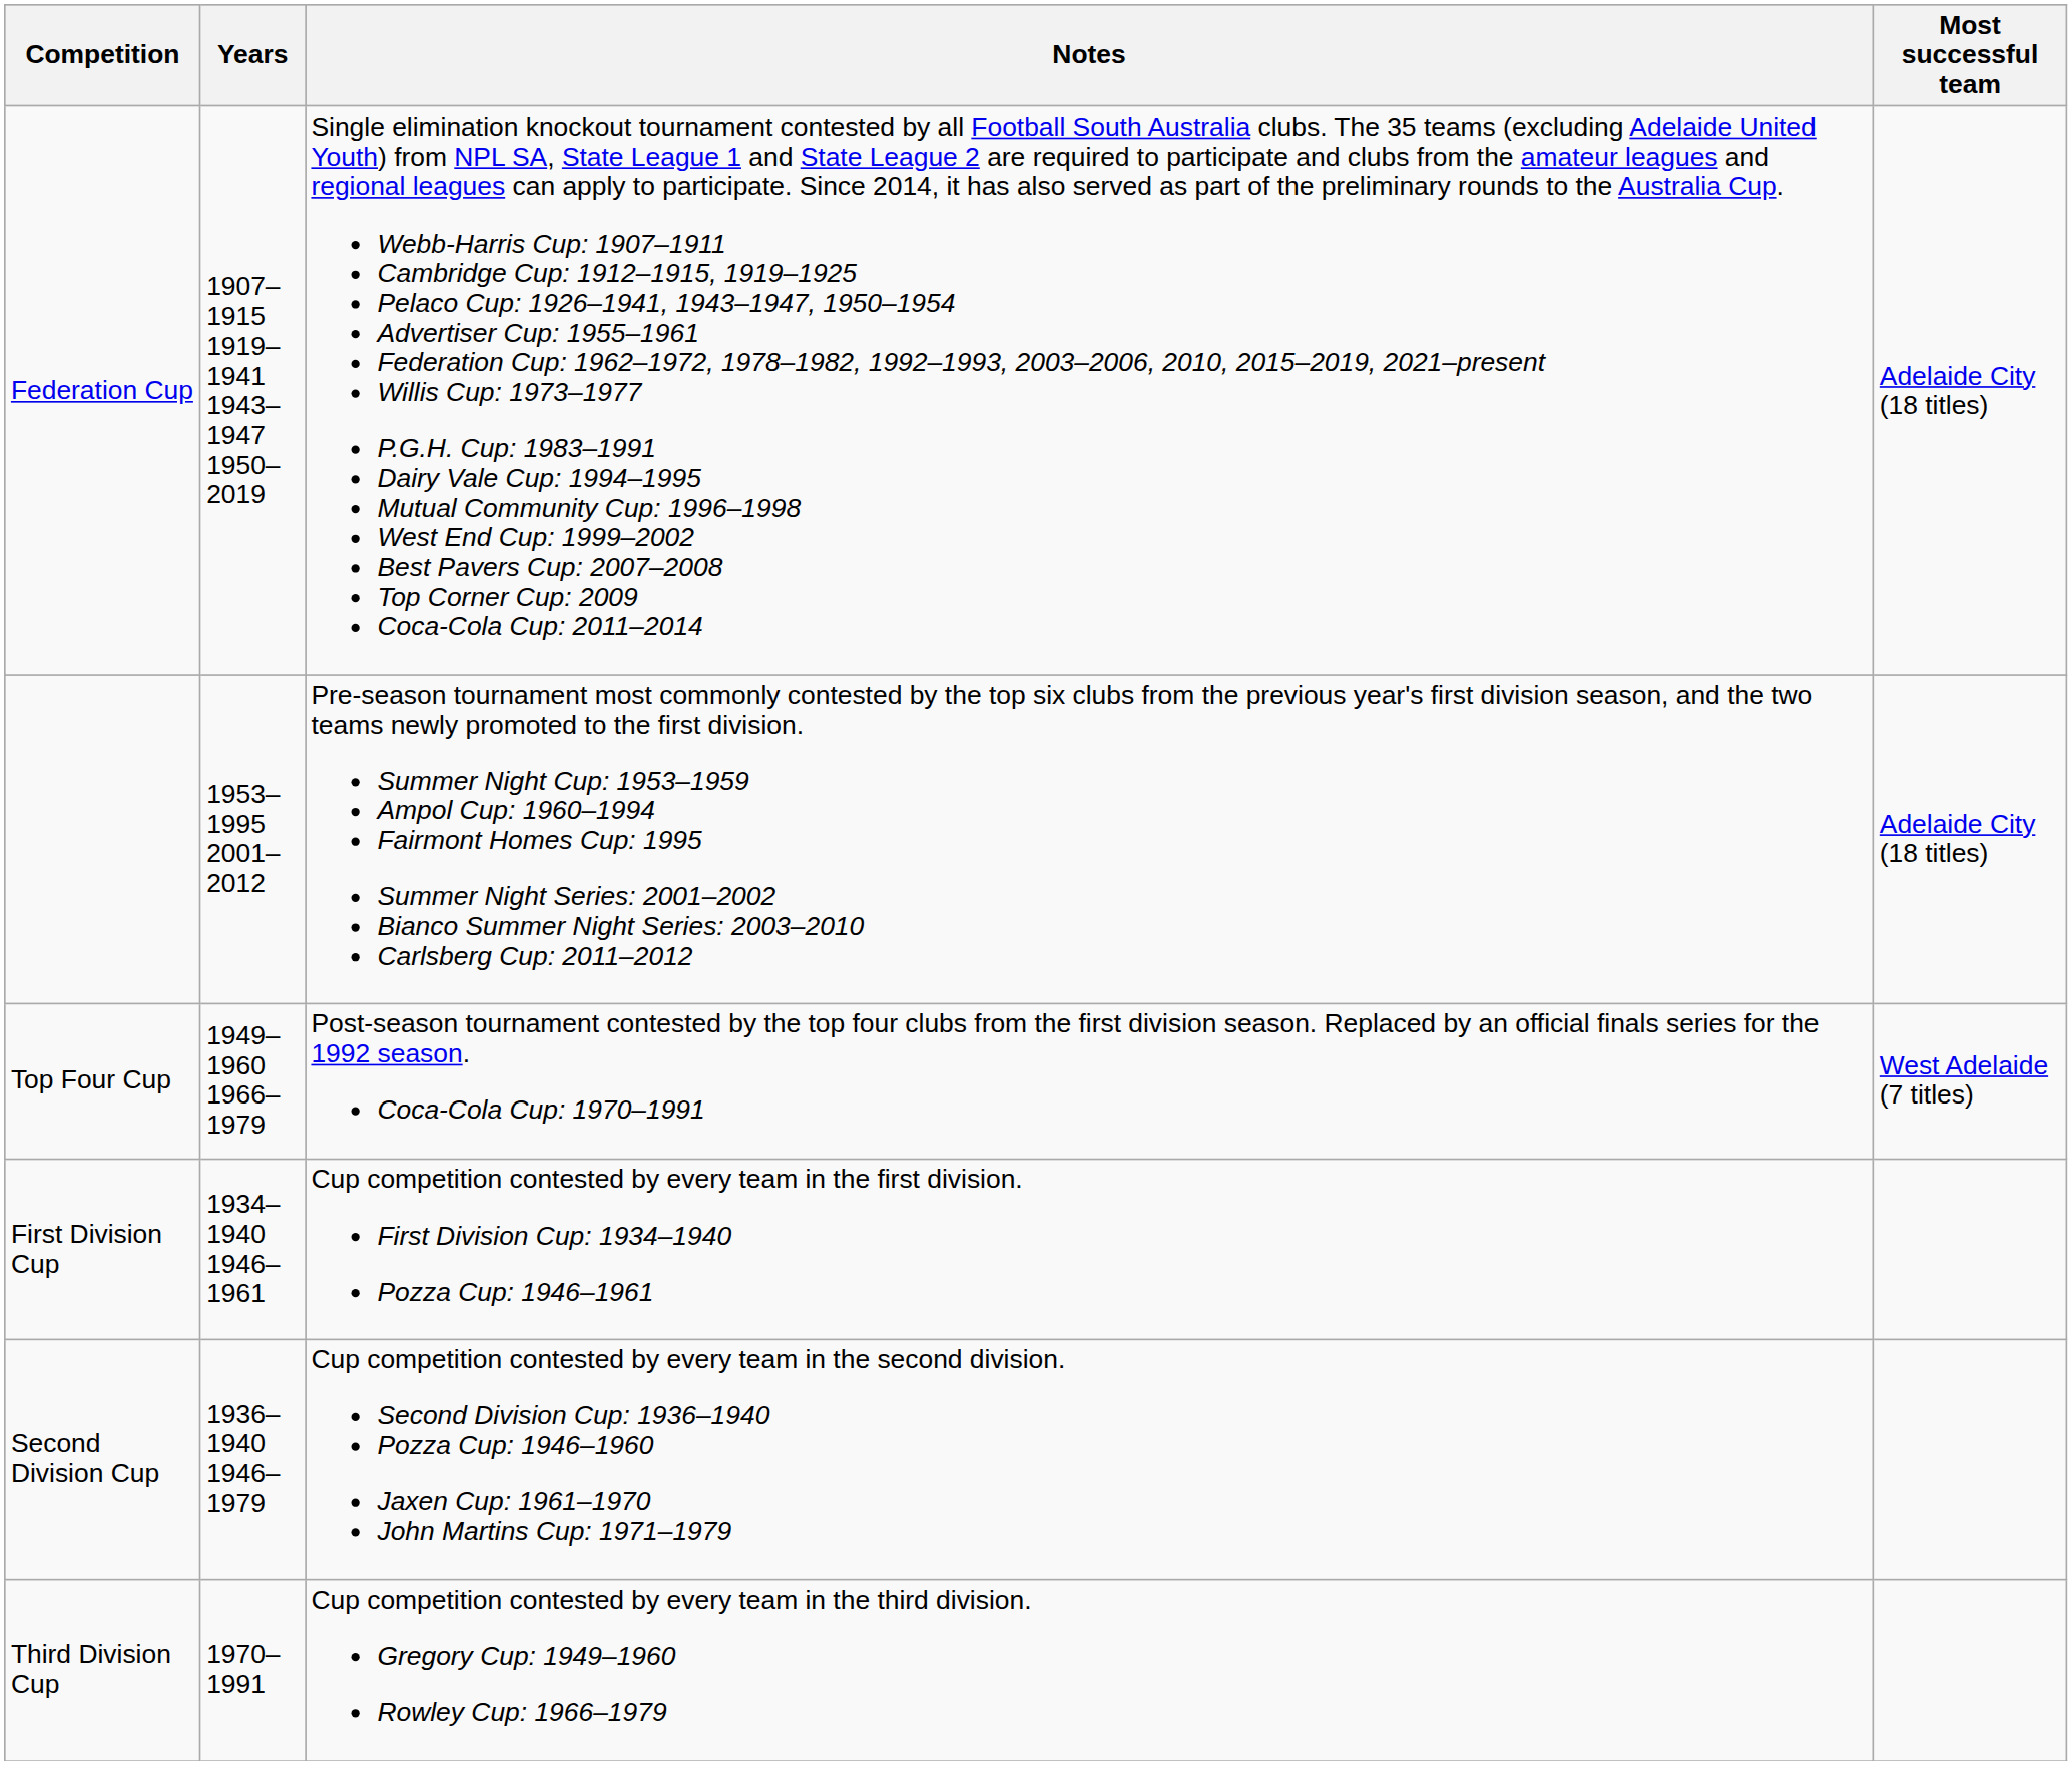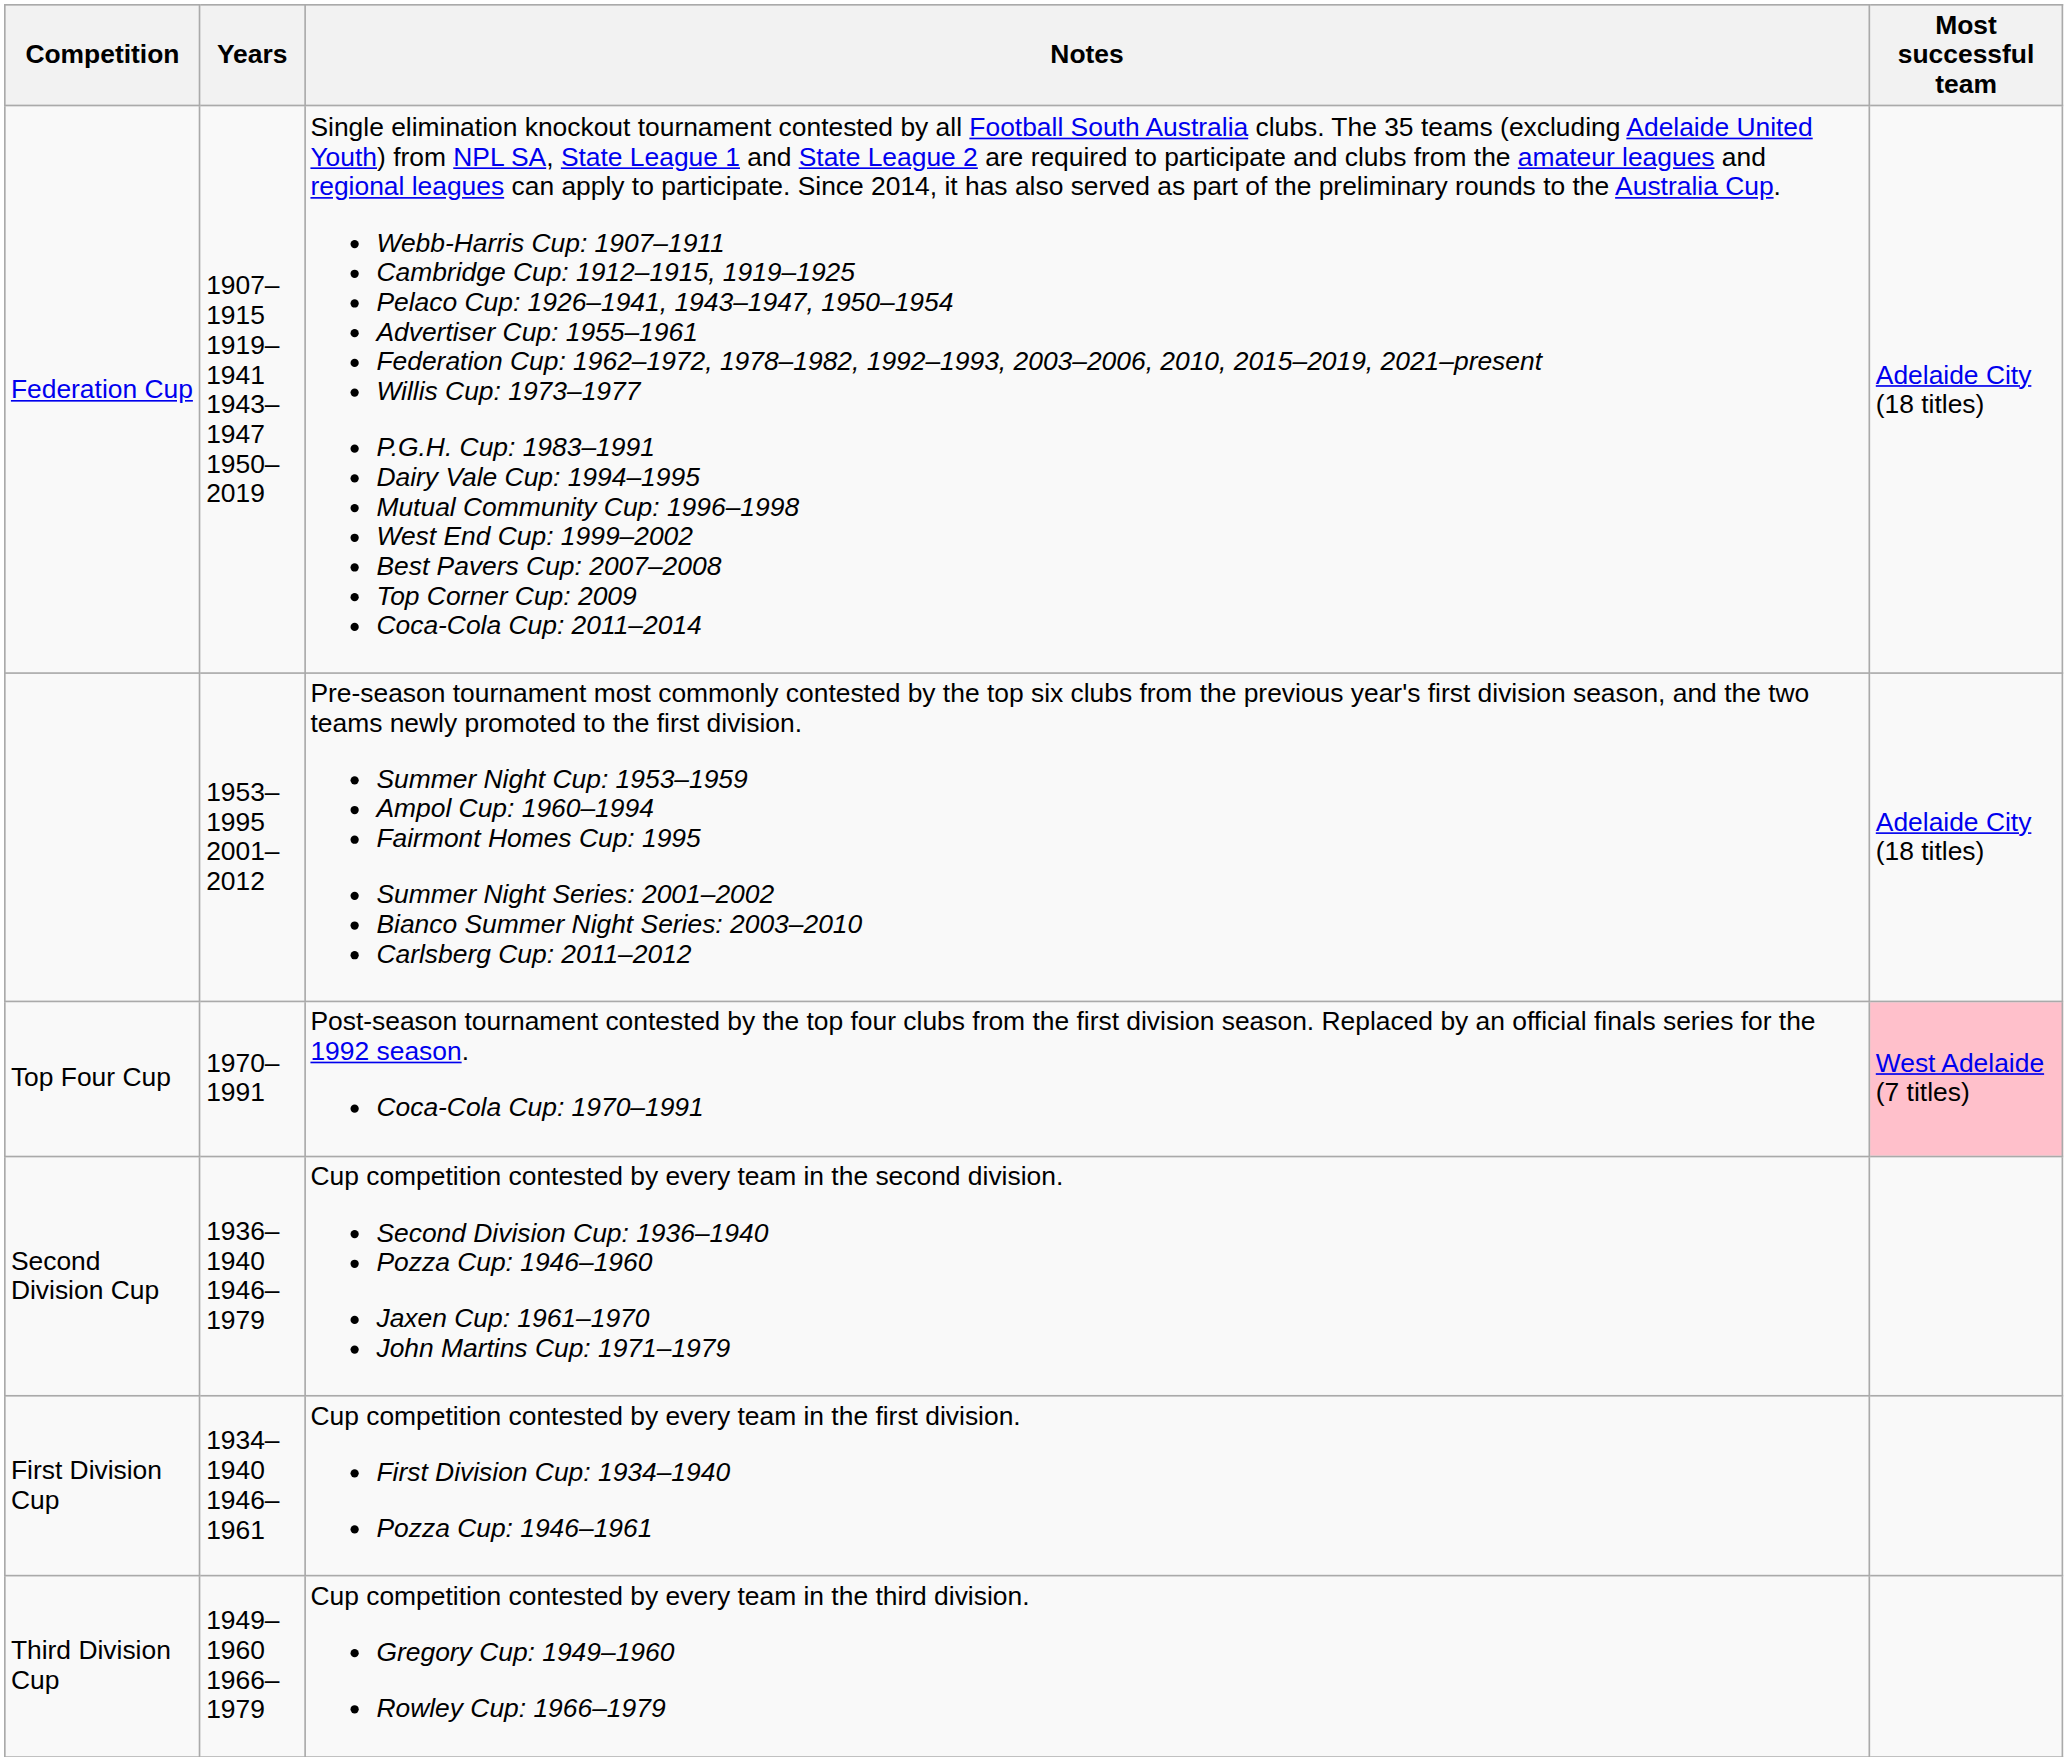 <table class="wikitable">
 <tr>
 <th>Competition</th>
 <th>Years</th>
 <th>Notes</th>
 <th>Most successful team</th>
 </tr>
 <tr>
 <td><a href='#'>Federation Cup</a></td>
 <td>1907–1915<br>1919–1941<br>1943–1947<br>1950–2019<br></td>
 <td>Single elimination knockout tournament contested by all <a href='#'>Football South Australia</a> clubs. The 35 teams (excluding <a href='#'>Adelaide United Youth</a>) from <a href='#'>NPL SA</a>, <a href='#'>State League 1</a> and <a href='#'>State League 2</a> are required to participate and clubs from the <a href='#'>amateur leagues</a> and <a href='#'>regional leagues</a> can apply to participate. Since 2014, it has also served as part of the preliminary rounds to the <a href='#'>Australia Cup</a>.<br> <ul><li><em>Webb-Harris Cup: 1907–1911</em></li><li><em>Cambridge Cup: 1912–1915, 1919–1925</em></li><li><em>Pelaco Cup: 1926–1941, 1943–1947, 1950–1954</em></li><li><em>Advertiser Cup: 1955–1961</em></li><li><em>Federation Cup: 1962–1972, 1978–1982, 1992–1993, 2003–2006, 2010, 2015–2019, 2021–present</em></li><li><em>Willis Cup: 1973–1977</em></li></ul><ul><li><em>P.G.H. Cup: 1983–1991</em></li><li><em>Dairy Vale Cup: 1994–1995</em></li><li><em>Mutual Community Cup: 1996–1998</em></li><li><em>West End Cup: 1999–2002</em></li><li><em>Best Pavers Cup: 2007–2008</em></li><li><em>Top Corner Cup: 2009</em></li><li><em>Coca-Cola Cup: 2011–2014</em></li></ul></td>
 <td><a href='#'>Adelaide City</a> (18 titles)</td>
 </tr>
 <tr>
 <td></td>
 <td>1953–1995<br>2001–2012</td>
 <td>Pre-season tournament most commonly contested by the top six clubs from the previous year's first division season, and the two teams newly promoted to the first division.<br> <ul><li><em>Summer Night Cup: 1953–1959</em></li><li><em>Ampol Cup: 1960–1994</em></li><li><em>Fairmont Homes Cup: 1995</em></li></ul><ul><li><em>Summer Night Series: 2001–2002</em></li><li><em>Bianco Summer Night Series: 2003–2010</em></li><li><em>Carlsberg Cup: 2011–2012</em></li></ul></td>
 <td><a href='#'>Adelaide City</a> (18 titles)</td>
 </tr>
 <tr>
 <td>Top Four Cup</td>
-<td>1949–1960<br>1966–1979</td>
+<td>1970–1991</td>
 <td>Post-season tournament contested by the top four clubs from the first division season. Replaced by an official finals series for the <a href='#'>1992 season</a>.<br><ul><li><em>Coca-Cola Cup: 1970–1991</em></li></ul></td>
-<td><a href='#'>West Adelaide</a> (7 titles)</td>
+<td style="background: pink;"><a href='#'>West Adelaide</a> (7 titles)</td>
+</tr>
+<tr>
+<td>Second Division Cup</td>
+<td>1936–1940<br>1946–1979</td>
+<td>Cup competition contested by every team in the second division.<br> <ul><li><em>Second Division Cup: 1936–1940</em></li><li><em>Pozza Cup: 1946–1960</em></li></ul><ul><li><em>Jaxen Cup: 1961–1970</em></li><li><em>John Martins Cup: 1971–1979</em></li></ul></td>
+<td></td>
 </tr>
 <tr>
 <td>First Division Cup</td>
 <td>1934–1940<br>1946–1961</td>
 <td>Cup competition contested by every team in the first division.<br> <ul><li><em>First Division Cup: 1934–1940</em></li></ul><ul><li><em>Pozza Cup: 1946–1961</em></li></ul></td>
 <td></td>
 </tr>
 <tr>
-<td>Second Division Cup</td>
-<td>1936–1940<br>1946–1979</td>
-<td>Cup competition contested by every team in the second division.<br> <ul><li><em>Second Division Cup: 1936–1940</em></li><li><em>Pozza Cup: 1946–1960</em></li></ul><ul><li><em>Jaxen Cup: 1961–1970</em></li><li><em>John Martins Cup: 1971–1979</em></li></ul></td>
-<td></td>
-</tr>
-<tr>
 <td>Third Division Cup</td>
-<td>1970–1991</td>
+<td>1949–1960<br>1966–1979</td>
 <td>Cup competition contested by every team in the third division.<br> <ul><li><em>Gregory Cup: 1949–1960</em></li></ul><ul><li><em>Rowley Cup: 1966–1979</em></li></ul></td>
 <td></td>
 </tr>
 </table>
